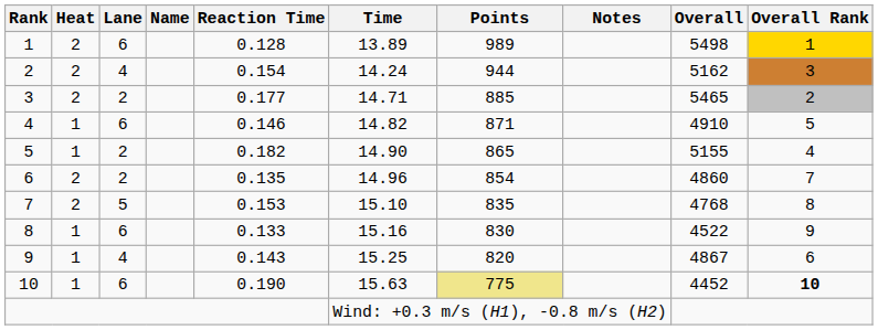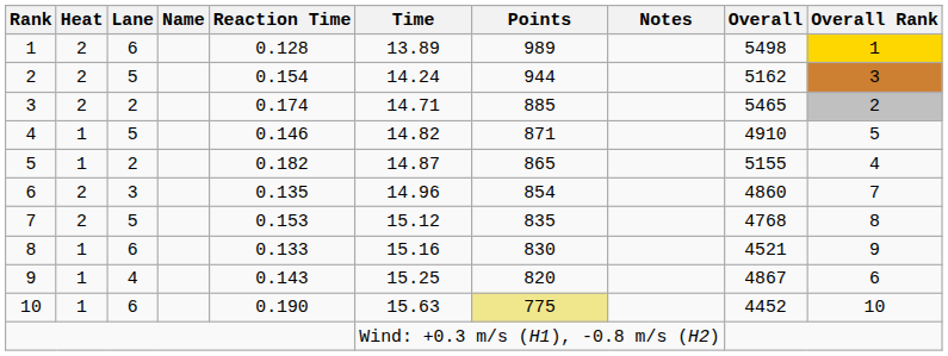 <table class="wikitable sortable" style="text-align:center">
 <tr>
 <th>Rank</th>
 <th>Heat</th>
 <th>Lane</th>
 <th>Name</th>
 <th>Reaction Time</th>
 <th>Time</th>
 <th>Points</th>
 <th>Notes</th>
 <th>Overall</th>
 <th>Overall Rank</th>
 </tr>
 <tr>
 <td>1</td>
 <td>2</td>
 <td>6</td>
 <td align="left"></td>
 <td>0.128</td>
 <td>13.89</td>
 <td>989</td>
 <td></td>
 <td>5498</td>
 <td style="background-color:#ffd700">1</td>
 </tr>
 <tr>
 <td>2</td>
 <td>2</td>
-<td>4</td>
+<td>5</td>
 <td align="left"></td>
 <td>0.154</td>
 <td>14.24</td>
 <td>944</td>
 <td></td>
 <td>5162</td>
 <td style="background-color:#cd7f32">3</td>
 </tr>
 <tr>
 <td>3</td>
 <td>2</td>
 <td>2</td>
 <td align="left"></td>
-<td>0.177</td>
+<td>0.174</td>
 <td>14.71</td>
 <td>885</td>
 <td></td>
 <td>5465</td>
 <td style="background-color:#c0c0c0">2</td>
 </tr>
 <tr>
 <td>4</td>
 <td>1</td>
-<td>6</td>
+<td>5</td>
 <td align="left"></td>
 <td>0.146</td>
 <td>14.82</td>
 <td>871</td>
 <td></td>
 <td>4910</td>
 <td>5</td>
 </tr>
 <tr>
 <td>5</td>
 <td>1</td>
 <td>2</td>
 <td align="left"></td>
 <td>0.182</td>
-<td>14.90</td>
+<td>14.87</td>
 <td>865</td>
 <td></td>
 <td>5155</td>
 <td>4</td>
 </tr>
 <tr>
 <td>6</td>
 <td>2</td>
-<td>2</td>
+<td>3</td>
 <td align="left"></td>
 <td>0.135</td>
 <td>14.96</td>
 <td>854</td>
 <td></td>
 <td>4860</td>
 <td>7</td>
 </tr>
 <tr>
 <td>7</td>
 <td>2</td>
 <td>5</td>
 <td align="left"></td>
 <td>0.153</td>
-<td>15.10</td>
+<td>15.12</td>
 <td>835</td>
 <td></td>
 <td>4768</td>
 <td>8</td>
 </tr>
 <tr>
 <td>8</td>
 <td>1</td>
 <td>6</td>
 <td align="left"></td>
 <td>0.133</td>
 <td>15.16</td>
 <td>830</td>
 <td></td>
-<td>4522</td>
+<td>4521</td>
 <td>9</td>
 </tr>
 <tr>
 <td>9</td>
 <td>1</td>
 <td>4</td>
 <td align="left"></td>
 <td>0.143</td>
 <td>15.25</td>
 <td>820</td>
 <td></td>
 <td>4867</td>
 <td>6</td>
 </tr>
 <tr>
 <td>10</td>
 <td>1</td>
 <td>6</td>
 <td align="left"></td>
 <td>0.190</td>
 <td>15.63</td>
 <td style="background: khaki;">775</td>
 <td></td>
 <td>4452</td>
-<td><strong>10</strong></td>
+<td>10</td>
 </tr>
 <tr class="sortbottom">
 <td colspan=5></td>
 <td colspan="3" style="text-align:left;">Wind: +0.3 m/s (<em>H1</em>), -0.8 m/s (<em>H2</em>)</td>
 </tr>
 </table>
